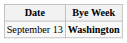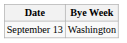 <table class="wikitable" style="font-size:95%;">
 <tr>
 <th>Date</th>
 <th>Bye Week</th>
 </tr>
 <tr>
 <td>September 13</td>
-<td><strong>Washington</strong></td>
+<td>Washington</td>
 </tr>
 </table>
